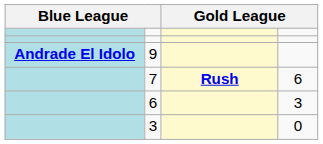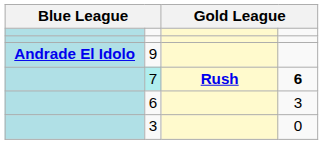 <table class="wikitable" style="margin: 1em auto; text-align: center">
 <tr>
 <th colspan="2" style="width:50%" style="background: skyblue">Blue League</th>
 <th colspan="2" style="width:50%" style="background: palegoldenrod">Gold League</th>
 </tr>
 <tr>
 <th style="background: powderblue"></th>
 <td></td>
 <th style="background: lemonchiffon"></th>
 <td></td>
 </tr>
 <tr>
 <th style="background: powderblue"></th>
 <td></td>
 <th style="background: lemonchiffon"></th>
 <td></td>
 </tr>
 <tr>
 <th style="background: powderblue"><a href='#'>Andrade El Idolo</a></th>
 <td>9</td>
 <th style="background: lemonchiffon"></th>
 <td></td>
 </tr>
 <tr>
 <th style="background: powderblue"></th>
-<td>7</td>
+<td style="background: paleturquoise;">7</td>
 <th style="background: lemonchiffon"><a href='#'>Rush</a></th>
-<td>6</td>
+<td><strong>6</strong></td>
 </tr>
 <tr>
 <th style="background: powderblue"></th>
 <td>6</td>
 <th style="background: lemonchiffon"></th>
 <td>3</td>
 </tr>
 <tr>
 <th style="background: powderblue"></th>
 <td>3</td>
 <th style="background: lemonchiffon"></th>
 <td>0</td>
 </tr>
 </table>
